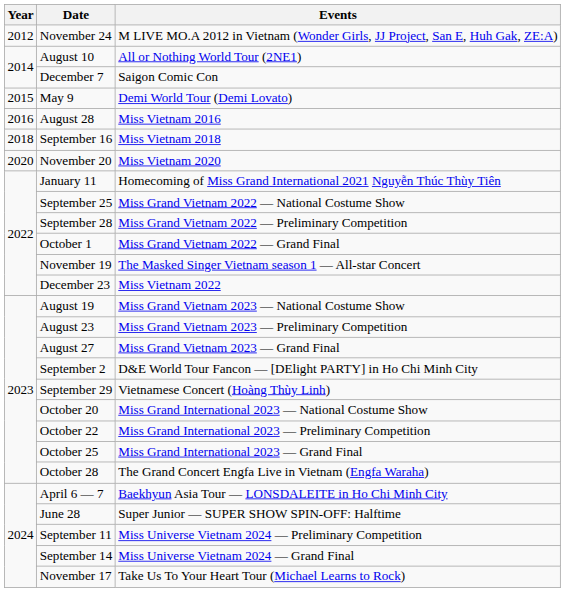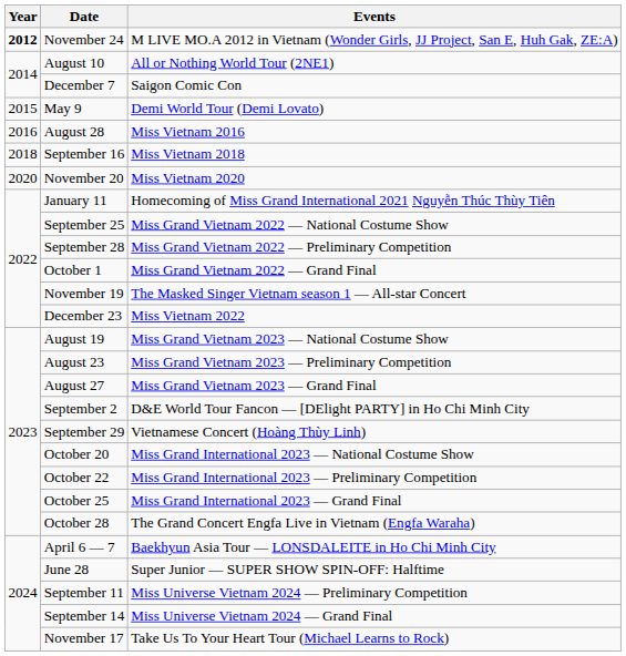 <table class="wikitable sortable">
 <tr>
 <th>Year</th>
 <th>Date</th>
 <th>Events</th>
 </tr>
 <tr>
-<td>2012</td>
+<td><strong>2012</strong></td>
 <td>November 24</td>
 <td>M LIVE MO.A 2012 in Vietnam (<a href='#'>Wonder Girls</a>, <a href='#'>JJ Project</a>, <a href='#'>San E</a>, <a href='#'>Huh Gak</a>, <a href='#'>ZE:A</a>)</td>
 </tr>
 <tr>
 <td rowspan=2>2014</td>
 <td>August 10</td>
 <td><a href='#'>All or Nothing World Tour</a> (<a href='#'>2NE1</a>)</td>
 </tr>
 <tr>
 <td>December 7</td>
 <td>Saigon Comic Con</td>
 </tr>
 <tr>
 <td>2015</td>
 <td>May 9</td>
 <td><a href='#'>Demi World Tour</a> (<a href='#'>Demi Lovato</a>)</td>
 </tr>
 <tr>
 <td>2016</td>
 <td>August 28</td>
 <td><a href='#'>Miss Vietnam 2016</a></td>
 </tr>
 <tr>
 <td>2018</td>
 <td>September 16</td>
 <td><a href='#'>Miss Vietnam 2018</a></td>
 </tr>
 <tr>
 <td>2020</td>
 <td>November 20</td>
 <td><a href='#'>Miss Vietnam 2020</a></td>
 </tr>
 <tr>
 <td rowspan=6>2022</td>
 <td>January 11</td>
 <td>Homecoming of <a href='#'>Miss Grand International 2021</a> <a href='#'>Nguyễn Thúc Thùy Tiên</a></td>
 </tr>
 <tr>
 <td>September 25</td>
 <td><a href='#'>Miss Grand Vietnam 2022</a> — National Costume Show</td>
 </tr>
 <tr>
 <td>September 28</td>
 <td><a href='#'>Miss Grand Vietnam 2022</a> — Preliminary Competition</td>
 </tr>
 <tr>
 <td>October 1</td>
 <td><a href='#'>Miss Grand Vietnam 2022</a> — Grand Final</td>
 </tr>
 <tr>
 <td>November 19</td>
 <td><a href='#'>The Masked Singer Vietnam season 1</a> — All-star Concert</td>
 </tr>
 <tr>
 <td>December 23</td>
 <td><a href='#'>Miss Vietnam 2022</a></td>
 </tr>
 <tr>
 <td rowspan="9">2023</td>
 <td>August 19</td>
 <td><a href='#'>Miss Grand Vietnam 2023</a> — National Costume Show</td>
 </tr>
 <tr>
 <td>August 23</td>
 <td><a href='#'>Miss Grand Vietnam 2023</a> — Preliminary Competition</td>
 </tr>
 <tr>
 <td>August 27</td>
 <td><a href='#'>Miss Grand Vietnam 2023</a> — Grand Final</td>
 </tr>
 <tr>
 <td>September 2</td>
 <td>D&E World Tour Fancon — [DElight PARTY] in Ho Chi Minh City</td>
 </tr>
 <tr>
 <td>September 29</td>
 <td>Vietnamese Concert (<a href='#'>Hoàng Thùy Linh</a>)</td>
 </tr>
 <tr>
 <td>October 20</td>
 <td><a href='#'>Miss Grand International 2023</a> — National Costume Show</td>
 </tr>
 <tr>
 <td>October 22</td>
 <td><a href='#'>Miss Grand International 2023</a> — Preliminary Competition</td>
 </tr>
 <tr>
 <td>October 25</td>
 <td><a href='#'>Miss Grand International 2023</a> — Grand Final</td>
 </tr>
 <tr>
 <td>October 28</td>
 <td>The Grand Concert Engfa Live in Vietnam (<a href='#'>Engfa Waraha</a>)</td>
 </tr>
 <tr>
 <td rowspan="6">2024</td>
 <td>April 6 — 7</td>
 <td><a href='#'>Baekhyun</a> Asia Tour — <a href='#'>LONSDALEITE in Ho Chi Minh City</a></td>
 </tr>
 <tr>
 <td>June 28</td>
 <td>Super Junior — SUPER SHOW SPIN-OFF: Halftime</td>
 </tr>
 <tr>
 <td>September 11</td>
 <td><a href='#'>Miss Universe Vietnam 2024</a> — Preliminary Competition</td>
 </tr>
 <tr>
 <td>September 14</td>
 <td><a href='#'>Miss Universe Vietnam 2024</a> — Grand Final</td>
 </tr>
 <tr>
 <td>November 17</td>
 <td>Take Us To Your Heart Tour (<a href='#'>Michael Learns to Rock</a>)</td>
 </tr>
 </table>
